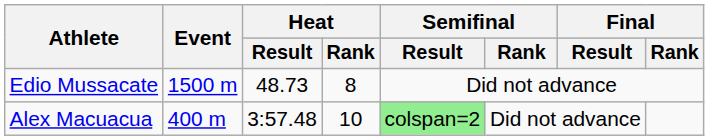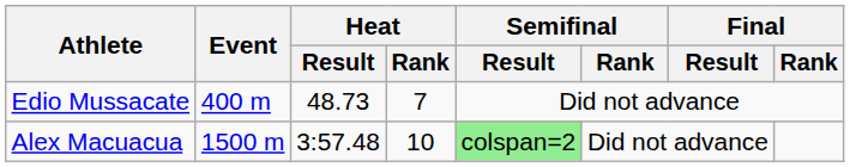 <table class="wikitable" style="font-size:90%; text-align:center">
 <tr>
 <th rowspan=2>Athlete</th>
 <th rowspan=2>Event</th>
 <th colspan=2>Heat</th>
 <th colspan=2>Semifinal</th>
 <th colspan=2>Final</th>
 </tr>
 <tr style="font-size:95%">
 <th>Result</th>
 <th>Rank</th>
 <th>Result</th>
 <th>Rank</th>
 <th>Result</th>
 <th>Rank</th>
 </tr>
 <tr>
 <td align=left><a href='#'>Edio Mussacate</a></td>
-<td align=left rowspan=1><a href='#'>1500 m</a></td>
+<td align=left rowspan=1><a href='#'>400 m</a></td>
 <td>48.73</td>
-<td>8</td>
+<td>7</td>
 <td colspan=4>Did not advance</td>
 </tr>
 <tr>
 <td align=left rowspan=1><a href='#'>Alex Macuacua</a></td>
-<td align=left rowspan=1><a href='#'>400 m</a></td>
+<td align=left rowspan=1><a href='#'>1500 m</a></td>
 <td>3:57.48</td>
 <td>10</td>
 <td style="background: lightgreen;">colspan=2 </td>
 <td colspan=2>Did not advance</td>
 </tr>
 </table>
